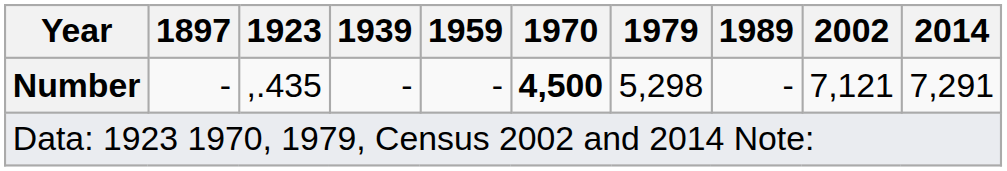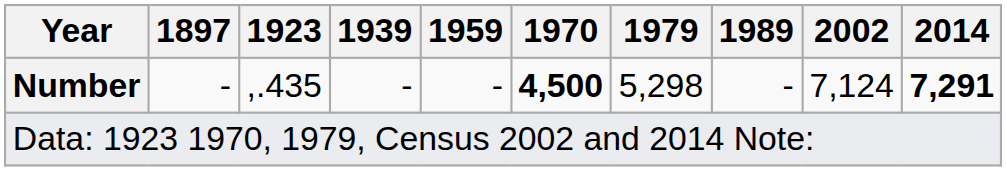 <table class="wikitable" style="text-align:right">
 <tr>
 <th>Year</th>
 <th>1897</th>
 <th>1923</th>
 <th>1939</th>
 <th>1959</th>
 <th>1970</th>
 <th>1979</th>
 <th>1989</th>
 <th>2002</th>
 <th>2014</th>
 </tr>
 <tr>
 <th>Number</th>
 <td>-</td>
 <td>,.435</td>
 <td>-</td>
 <td>-</td>
 <td><strong> 4,500</strong></td>
 <td> 5,298</td>
 <td>-</td>
-<td> 7,121</td>
-<td> 7,291</td>
+<td> 7,124</td>
+<td><strong> 7,291</strong></td>
 </tr>
 <tr>
 <td colspan=15 class="wikitable" style="align:left;text-align:left;background-color:#eaecf0">Data: 1923 1970, 1979, Census 2002 and 2014 Note:</td>
 </tr>
 </table>
